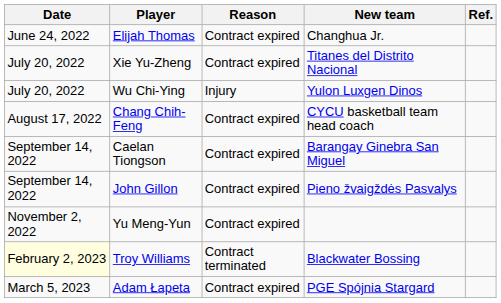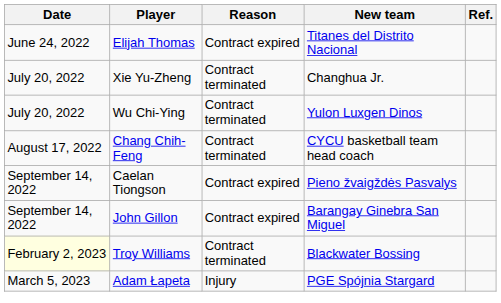 <table class="wikitable">
 <tr>
 <th>Date</th>
 <th>Player</th>
 <th>Reason</th>
 <th>New team</th>
 <th>Ref.</th>
 </tr>
 <tr>
 <td>June 24, 2022</td>
 <td><a href='#'>Elijah Thomas</a></td>
 <td>Contract expired</td>
+<td> <a href='#'>Titanes del Distrito Nacional</a></td>
+<td></td>
+</tr>
+<tr>
+<td>July 20, 2022</td>
+<td>Xie Yu-Zheng</td>
+<td>Contract terminated</td>
 <td> Changhua Jr.</td>
 <td></td>
 </tr>
 <tr>
 <td>July 20, 2022</td>
-<td>Xie Yu-Zheng</td>
-<td>Contract expired</td>
-<td> <a href='#'>Titanes del Distrito Nacional</a></td>
-<td></td>
-</tr>
-<tr>
-<td>July 20, 2022</td>
 <td>Wu Chi-Ying</td>
-<td>Injury</td>
+<td>Contract terminated</td>
 <td> <a href='#'>Yulon Luxgen Dinos</a></td>
 <td></td>
 </tr>
 <tr>
 <td>August 17, 2022</td>
 <td><a href='#'>Chang Chih-Feng</a></td>
-<td>Contract expired</td>
+<td>Contract terminated</td>
 <td> <a href='#'>CYCU</a> basketball team head coach</td>
 <td></td>
 </tr>
 <tr>
 <td>September 14, 2022</td>
 <td>Caelan Tiongson</td>
 <td>Contract expired</td>
-<td> <a href='#'>Barangay Ginebra San Miguel</a></td>
+<td> <a href='#'>Pieno žvaigždės Pasvalys</a></td>
 <td></td>
 </tr>
 <tr>
 <td>September 14, 2022</td>
 <td><a href='#'>John Gillon</a></td>
 <td>Contract expired</td>
-<td> <a href='#'>Pieno žvaigždės Pasvalys</a></td>
-<td></td>
-</tr>
-<tr>
-<td>November 2, 2022</td>
-<td>Yu Meng-Yun</td>
-<td>Contract expired</td>
-<td></td>
+<td> <a href='#'>Barangay Ginebra San Miguel</a></td>
 <td></td>
 </tr>
 <tr>
 <td style="background: lightyellow;">February 2, 2023</td>
 <td><a href='#'>Troy Williams</a></td>
 <td>Contract terminated</td>
 <td> <a href='#'>Blackwater Bossing</a></td>
 <td></td>
 </tr>
 <tr>
 <td>March 5, 2023</td>
 <td><a href='#'>Adam Łapeta</a></td>
-<td>Contract expired</td>
+<td>Injury</td>
 <td> <a href='#'>PGE Spójnia Stargard</a></td>
 <td></td>
 </tr>
 </table>
